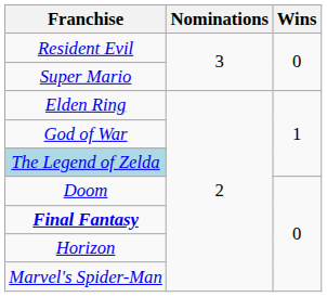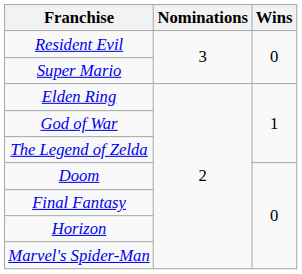 <table class="wikitable sortable plainrowheaders" style="text-align:center;">
 <tr>
 <th scope="col">Franchise</th>
 <th scope="col">Nominations</th>
 <th scope="col">Wins</th>
 </tr>
 <tr>
 <td><em><a href='#'>Resident Evil</a></em></td>
 <td rowspan="2">3</td>
 <td rowspan="2">0</td>
 </tr>
 <tr>
 <td><em><a href='#'>Super Mario</a></em></td>
 </tr>
 <tr>
 <td><em><a href='#'>Elden Ring</a></em></td>
 <td rowspan="7">2</td>
 <td rowspan="3">1</td>
 </tr>
 <tr>
 <td><em><a href='#'>God of War</a></em></td>
 </tr>
 <tr>
-<td style="background: lightblue;"><em><a href='#'>The Legend of Zelda</a></em></td>
+<td><em><a href='#'>The Legend of Zelda</a></em></td>
 </tr>
 <tr>
 <td><em><a href='#'>Doom</a></em></td>
 <td rowspan="4">0</td>
 </tr>
 <tr>
-<td><strong><em><a href='#'>Final Fantasy</a></em></strong></td>
+<td><em><a href='#'>Final Fantasy</a></em></td>
 </tr>
 <tr>
 <td><em><a href='#'>Horizon</a></em></td>
 </tr>
 <tr>
 <td><em><a href='#'>Marvel's Spider-Man</a></em></td>
 </tr>
 </table>
